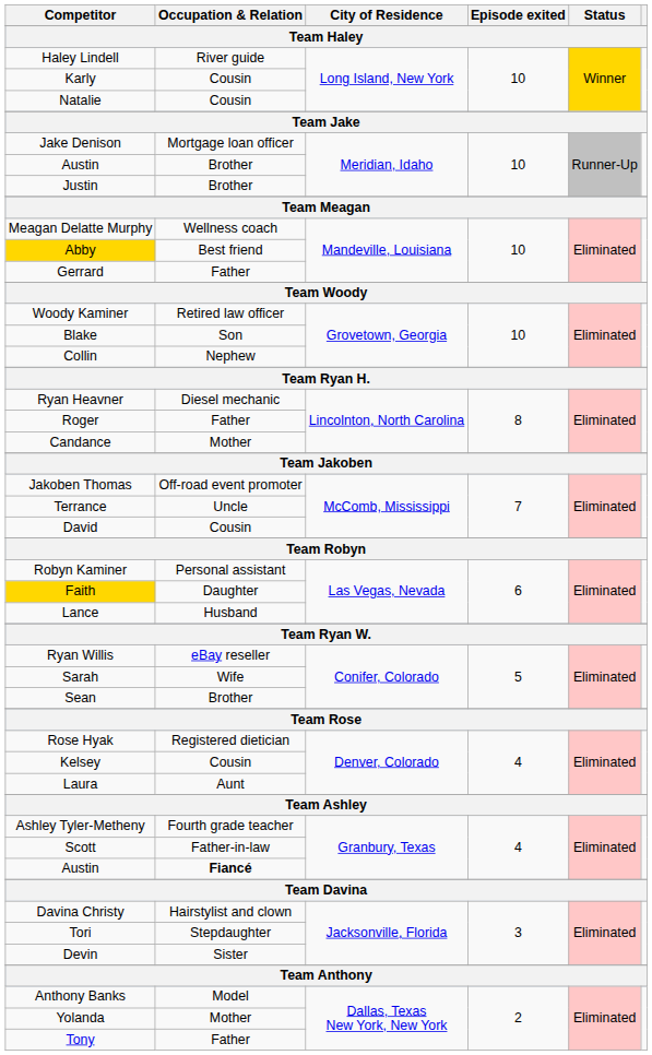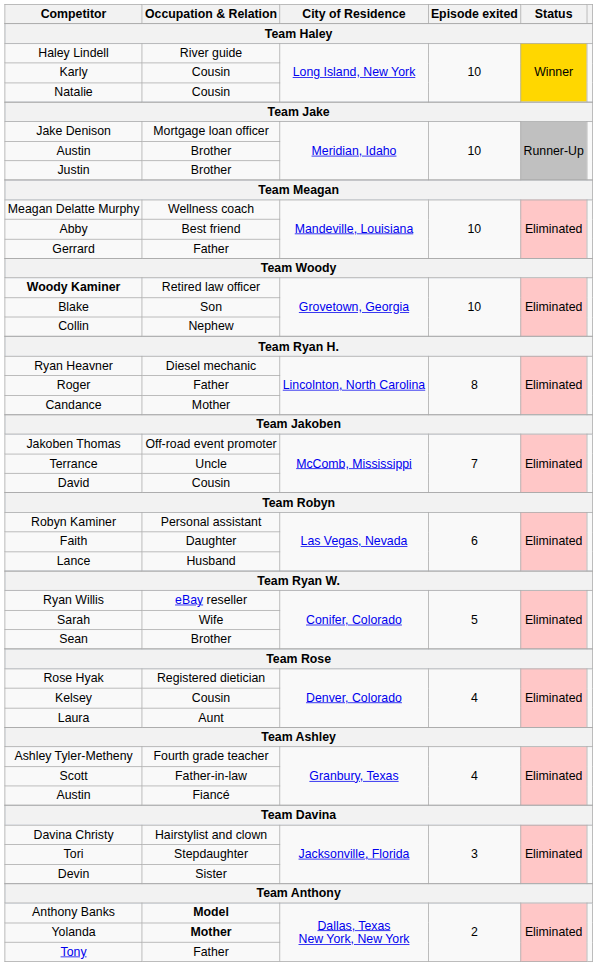 <table class="wikitable unsortable" style="text-align: center; margin:auto">
 <tr>
 <th>Competitor</th>
 <th>Occupation & Relation</th>
 <th>City of Residence</th>
 <th>Episode exited</th>
 <th>Status</th>
 <th class="unsortable"></th>
 </tr>
 <tr>
 </tr>
 <tr style="background:#b0c4de;">
 <th colspan="6">Team Haley</th>
 </tr>
 <tr>
 <td>Haley Lindell</td>
 <td>River guide</td>
 <td rowspan="3"><a href='#'>Long Island, New York</a></td>
 <td rowspan="3">10</td>
 <td rowspan="3" style="background:gold">Winner</td>
 <td rowspan="3"></td>
 </tr>
 <tr>
 <td>Karly</td>
 <td>Cousin</td>
 </tr>
 <tr>
 <td>Natalie</td>
 <td>Cousin</td>
 </tr>
 <tr>
 </tr>
 <tr style="background:#b0c4de;">
 <th colspan="6">Team Jake</th>
 </tr>
 <tr>
 <td>Jake Denison</td>
 <td>Mortgage loan officer</td>
 <td rowspan="3"><a href='#'>Meridian, Idaho</a></td>
 <td rowspan="3">10</td>
 <td rowspan="3" style="background:silver">Runner-Up</td>
 <td rowspan="3"></td>
 </tr>
 <tr>
 <td>Austin</td>
 <td>Brother</td>
 </tr>
 <tr>
 <td>Justin</td>
 <td>Brother</td>
 </tr>
 <tr>
 </tr>
 <tr style="background:#b0c4de;">
 <th colspan="6">Team Meagan</th>
 </tr>
 <tr>
 <td>Meagan Delatte Murphy</td>
 <td>Wellness coach</td>
 <td rowspan="3"><a href='#'>Mandeville, Louisiana</a></td>
 <td rowspan="3">10</td>
 <td rowspan="3" style="background:#FFC7C7">Eliminated</td>
 <td rowspan="3"></td>
 </tr>
 <tr>
-<td style="background: gold;">Abby</td>
+<td>Abby</td>
 <td>Best friend</td>
 </tr>
 <tr>
 <td>Gerrard</td>
 <td>Father</td>
 </tr>
 <tr>
 </tr>
 <tr style="background:#b0c4de;">
 <th colspan="6">Team Woody</th>
 </tr>
 <tr>
-<td>Woody Kaminer</td>
+<td><strong>Woody Kaminer</strong></td>
 <td>Retired law officer</td>
 <td rowspan="3"><a href='#'>Grovetown, Georgia</a></td>
 <td rowspan="3">10</td>
 <td rowspan="3" style="background:#FFC7C7">Eliminated</td>
 <td rowspan="3"></td>
 </tr>
 <tr>
 <td>Blake</td>
 <td>Son</td>
 </tr>
 <tr>
 <td>Collin</td>
 <td>Nephew</td>
 </tr>
 <tr>
 </tr>
 <tr style="background:#b0c4de;">
 <th colspan="6">Team Ryan H.</th>
 </tr>
 <tr>
 <td>Ryan Heavner</td>
 <td>Diesel mechanic</td>
 <td rowspan="3"><a href='#'>Lincolnton, North Carolina</a></td>
 <td rowspan="3">8</td>
 <td rowspan="3" style="background:#FFC7C7">Eliminated</td>
 <td rowspan="3"></td>
 </tr>
 <tr>
 <td>Roger</td>
 <td>Father</td>
 </tr>
 <tr>
 <td>Candance</td>
 <td>Mother</td>
 </tr>
 <tr>
 </tr>
 <tr style="background:#b0c4de;">
 <th colspan="6">Team Jakoben</th>
 </tr>
 <tr>
 <td>Jakoben Thomas</td>
 <td>Off-road event promoter</td>
 <td rowspan="3"><a href='#'>McComb, Mississippi</a></td>
 <td rowspan="3">7</td>
 <td rowspan="3" style="background:#FFC7C7">Eliminated</td>
 <td rowspan="3"></td>
 </tr>
 <tr>
 <td>Terrance</td>
 <td>Uncle</td>
 </tr>
 <tr>
 <td>David</td>
 <td>Cousin</td>
 </tr>
 <tr>
 </tr>
 <tr style="background:#b0c4de;">
 <th colspan="6">Team Robyn</th>
 </tr>
 <tr>
 <td>Robyn Kaminer</td>
 <td>Personal assistant</td>
 <td rowspan="3"><a href='#'>Las Vegas, Nevada</a></td>
 <td rowspan="3">6</td>
 <td rowspan="3" style="background:#FFC7C7">Eliminated</td>
 <td rowspan="3"></td>
 </tr>
 <tr>
-<td style="background: gold;">Faith</td>
+<td>Faith</td>
 <td>Daughter</td>
 </tr>
 <tr>
 <td>Lance</td>
 <td>Husband</td>
 </tr>
 <tr>
 </tr>
 <tr style="background:#b0c4de;">
 <th colspan="6">Team Ryan W.</th>
 </tr>
 <tr>
 <td>Ryan Willis</td>
 <td><a href='#'>eBay</a> reseller</td>
 <td rowspan="3"><a href='#'>Conifer, Colorado</a></td>
 <td rowspan="3">5</td>
 <td rowspan="3" style="background:#FFC7C7">Eliminated</td>
 <td rowspan="3"></td>
 </tr>
 <tr>
 <td>Sarah</td>
 <td>Wife</td>
 </tr>
 <tr>
 <td>Sean</td>
 <td>Brother</td>
 </tr>
 <tr>
 </tr>
 <tr style="background:#b0c4de;">
 <th colspan="6">Team Rose</th>
 </tr>
 <tr>
 <td>Rose Hyak</td>
 <td>Registered dietician</td>
 <td rowspan="3"><a href='#'>Denver, Colorado</a></td>
 <td rowspan="3">4</td>
 <td rowspan="3" style="background:#FFC7C7">Eliminated</td>
 <td rowspan="3"></td>
 </tr>
 <tr>
 <td>Kelsey</td>
 <td>Cousin</td>
 </tr>
 <tr>
 <td>Laura</td>
 <td>Aunt</td>
 </tr>
 <tr>
 </tr>
 <tr style="background:#b0c4de;">
 <th colspan="6">Team Ashley</th>
 </tr>
 <tr>
 <td>Ashley Tyler-Metheny</td>
 <td>Fourth grade teacher</td>
 <td rowspan="3"><a href='#'>Granbury, Texas</a></td>
 <td rowspan="3">4</td>
 <td rowspan="3" style="background:#FFC7C7">Eliminated</td>
 <td rowspan="3"></td>
 </tr>
 <tr>
 <td>Scott</td>
 <td>Father-in-law</td>
 </tr>
 <tr>
 <td>Austin</td>
-<td><strong>Fiancé</strong></td>
+<td>Fiancé</td>
 </tr>
 <tr>
 </tr>
 <tr style="background:#b0c4de;">
 <th colspan="6">Team Davina</th>
 </tr>
 <tr>
 <td>Davina Christy</td>
 <td>Hairstylist and clown</td>
 <td rowspan="3"><a href='#'>Jacksonville, Florida</a></td>
 <td rowspan="3">3</td>
 <td rowspan="3" style="background:#FFC7C7">Eliminated</td>
 <td rowspan="3"></td>
 </tr>
 <tr>
 <td>Tori</td>
 <td>Stepdaughter</td>
 </tr>
 <tr>
 <td>Devin</td>
 <td>Sister</td>
 </tr>
 <tr>
 </tr>
 <tr style="background:#b0c4de;">
 <th colspan="6">Team Anthony</th>
 </tr>
 <tr>
 <td>Anthony Banks</td>
-<td>Model</td>
+<td><strong>Model</strong></td>
 <td rowspan="3"><a href='#'>Dallas, Texas</a><br><a href='#'>New York, New York</a></td>
 <td rowspan="3">2</td>
 <td rowspan="3" style="background:#FFC7C7">Eliminated</td>
 <td rowspan="3"></td>
 </tr>
 <tr>
 <td>Yolanda</td>
-<td>Mother</td>
+<td><strong>Mother</strong></td>
 </tr>
 <tr>
 <td><a href='#'>Tony</a></td>
 <td>Father</td>
 </tr>
 </table>
